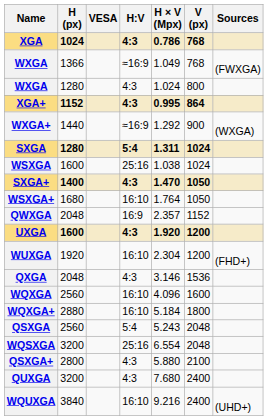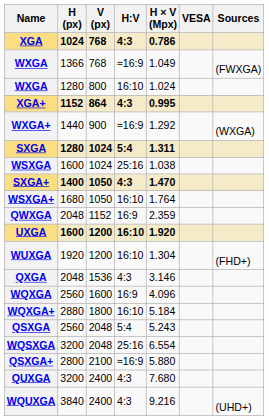 <table class="wikitable floatright sortable">
 <tr>
 <th>Name</th>
 <th>H<br>(px)</th>
-<th>VESA</th>
+<th>V<br>(px)</th>
 <th data-sort-type="text">H:V<br></th>
 <th>H × V<br>(Mpx)</th>
-<th>V<br>(px)</th>
+<th>VESA</th>
 <th>Sources</th>
 </tr>
 <tr style="background-color:#F6EBC9; font-weight: bolder;">
 <th style="background-color:#FBDD82"><a href='#'>XGA</a></th>
 <td>1024</td>
-<td></td>
+<td>768</td>
 <td>4:3</td>
 <td>0.786</td>
-<td>768</td>
+<td></td>
 <td></td>
 </tr>
 <tr>
 <th><a href='#'>WXGA</a></th>
 <td>1366</td>
-<td></td>
+<td>768</td>
 <td data-sort-value="16:9">≈16:9</td>
 <td>1.049</td>
-<td>768</td>
+<td></td>
 <td><br><span>(FWXGA)</span></td>
 </tr>
 <tr>
 <th><a href='#'>WXGA</a></th>
 <td>1280</td>
+<td>800</td>
+<td>16:10</td>
+<td>1.024</td>
 <td></td>
-<td>4:3</td>
-<td>1.024</td>
-<td>800</td>
 <td></td>
 </tr>
 <tr style="background-color:#F6EBC9; font-weight: bolder;">
 <th style="background-color:#FBDD82"><a href='#'>XGA+</a></th>
 <td>1152</td>
-<td></td>
+<td>864</td>
 <td>4:3</td>
 <td>0.995</td>
-<td>864</td>
+<td></td>
 <td></td>
 </tr>
 <tr>
 <th><a href='#'>WXGA+</a></th>
 <td>1440</td>
-<td></td>
+<td>900</td>
 <td data-sort-value="16:9">≈16:9</td>
 <td>1.292</td>
-<td>900</td>
+<td></td>
 <td><br><span>(WXGA)</span></td>
 </tr>
 <tr style="background-color:#F6EBC9; font-weight: bolder;">
 <th style="background-color:#FBDD82"><a href='#'>SXGA</a></th>
 <td>1280</td>
-<td></td>
+<td>1024</td>
 <td>5:4</td>
 <td>1.311</td>
-<td>1024</td>
+<td></td>
 <td></td>
 </tr>
 <tr>
 <th><a href='#'>WSXGA</a></th>
 <td>1600</td>
-<td></td>
+<td>1024</td>
 <td>25:16</td>
 <td>1.038</td>
-<td>1024</td>
+<td></td>
 <td></td>
 </tr>
 <tr style="background-color:#F6EBC9; font-weight: bolder;">
 <th style="background-color:#FBDD82"><a href='#'>SXGA+</a></th>
 <td>1400</td>
-<td></td>
+<td>1050</td>
 <td>4:3</td>
 <td>1.470</td>
-<td>1050</td>
+<td></td>
 <td></td>
 </tr>
 <tr>
 <th><a href='#'>WSXGA+</a></th>
 <td>1680</td>
-<td></td>
+<td>1050</td>
 <td>16:10</td>
 <td>1.764</td>
-<td>1050</td>
+<td></td>
 <td></td>
 </tr>
 <tr>
 <th><a href='#'>QWXGA</a></th>
 <td>2048</td>
+<td>1152</td>
+<td>16:9</td>
+<td>2.359</td>
 <td></td>
-<td>16:9</td>
-<td>2.357</td>
-<td>1152</td>
 <td></td>
 </tr>
 <tr style="background-color:#F6EBC9; font-weight: bolder;">
 <th style="background-color:#FBDD82"><a href='#'>UXGA</a></th>
 <td>1600</td>
+<td>1200</td>
+<td>16:10</td>
+<td>1.920</td>
 <td></td>
-<td>4:3</td>
-<td>1.920</td>
-<td>1200</td>
 <td></td>
 </tr>
 <tr>
 <th><a href='#'>WUXGA</a></th>
 <td>1920</td>
+<td>1200</td>
+<td>16:10</td>
+<td>1.304</td>
 <td></td>
-<td>16:10</td>
-<td>2.304</td>
-<td>1200</td>
 <td><br><span>(FHD+)</span></td>
 </tr>
 <tr>
 <th><a href='#'>QXGA</a></th>
 <td>2048</td>
-<td></td>
+<td>1536</td>
 <td>4:3</td>
 <td>3.146</td>
-<td>1536</td>
+<td></td>
 <td></td>
 </tr>
 <tr>
 <th><a href='#'>WQXGA</a></th>
 <td>2560</td>
+<td>1600</td>
+<td>16:9</td>
+<td>4.096</td>
 <td></td>
-<td>16:10</td>
-<td>4.096</td>
-<td>1600</td>
 <td></td>
 </tr>
 <tr>
 <th><a href='#'>WQXGA+</a></th>
 <td>2880</td>
-<td></td>
+<td>1800</td>
 <td>16:10</td>
 <td>5.184</td>
-<td>1800</td>
+<td></td>
 <td></td>
 </tr>
 <tr>
 <th><a href='#'>QSXGA</a></th>
 <td>2560</td>
-<td></td>
+<td>2048</td>
 <td>5:4</td>
 <td>5.243</td>
-<td>2048</td>
+<td></td>
 <td></td>
 </tr>
 <tr>
 <th><a href='#'>WQSXGA</a></th>
 <td>3200</td>
-<td></td>
+<td>2048</td>
 <td>25:16</td>
 <td>6.554</td>
-<td>2048</td>
+<td></td>
 <td></td>
 </tr>
 <tr>
 <th><a href='#'>QSXGA+</a></th>
 <td>2800</td>
+<td>2100</td>
+<td data-sort-value="16:9">≈16:9</td>
+<td>5.880</td>
 <td></td>
-<td>4:3</td>
-<td>5.880</td>
-<td>2100</td>
 <td></td>
 </tr>
 <tr>
 <th><a href='#'>QUXGA</a></th>
 <td>3200</td>
-<td></td>
+<td>2400</td>
 <td>4:3</td>
 <td>7.680</td>
-<td>2400</td>
+<td></td>
 <td></td>
 </tr>
 <tr>
 <th><a href='#'>WQUXGA</a></th>
 <td>3840</td>
+<td>2400</td>
+<td>4:3</td>
+<td>9.216</td>
 <td></td>
-<td>16:10</td>
-<td>9.216</td>
-<td>2400</td>
 <td><br><span>(UHD+)</span></td>
 </tr>
 </table>
